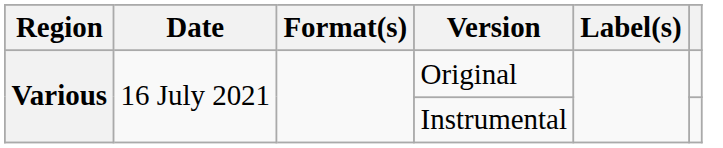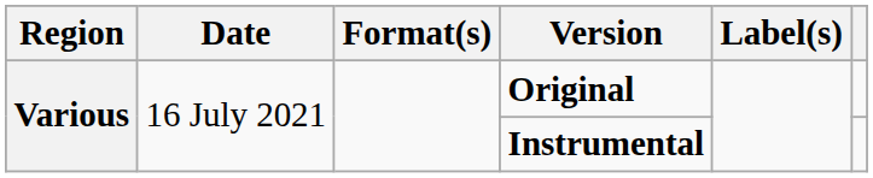 <table class="wikitable plainrowheaders">
 <tr>
 <th scope="col">Region</th>
 <th scope="col">Date</th>
 <th scope="col">Format(s)</th>
 <th scope="col">Version</th>
 <th scope="col">Label(s)</th>
 <th scope="col"></th>
 </tr>
 <tr>
 <th rowspan="2" scope="row">Various</th>
 <td rowspan="2">16 July 2021</td>
 <td rowspan="2"></td>
-<td>Original</td>
+<td><strong>Original</strong></td>
 <td rowspan="2"></td>
 <td style="text-align:center;"></td>
 </tr>
 <tr>
-<td>Instrumental</td>
+<td><strong>Instrumental</strong></td>
 <td></td>
 </tr>
 </table>
